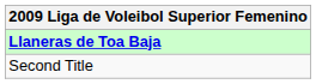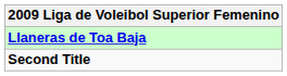 <table class="wikitable">
 <tr>
 <th>2009 Liga de Voleibol Superior Femenino</th>
 </tr>
 <tr bgcolor=#ccffcc>
 <td><strong><a href='#'>Llaneras de Toa Baja</a></strong></td>
 </tr>
 <tr>
-<td>Second Title</td>
+<td><strong>Second Title</strong></td>
 </tr>
 </table>
